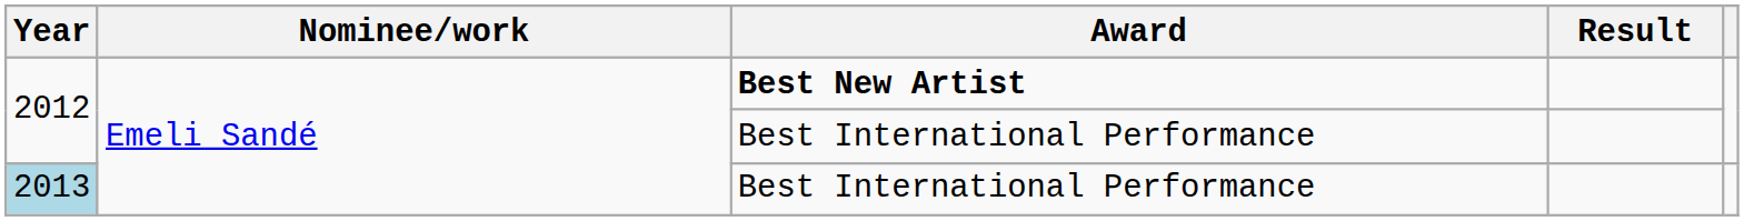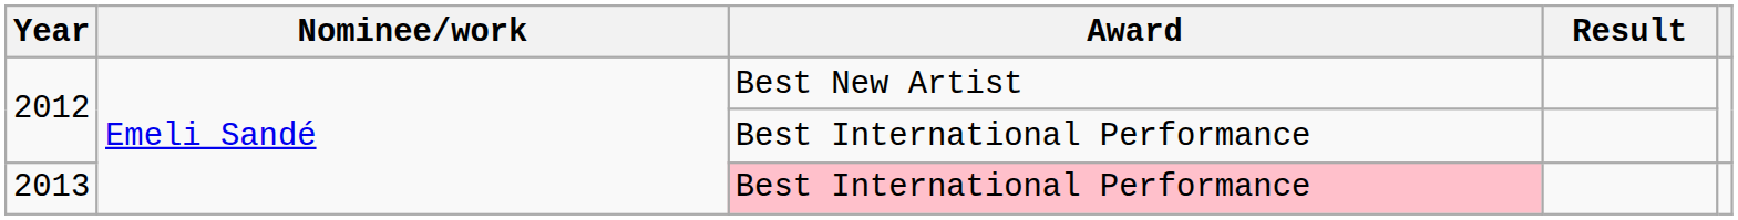 <table class="wikitable">
 <tr>
 <th>Year</th>
 <th width="250">Nominee/work</th>
 <th width="325">Award</th>
 <th width="65">Result</th>
 <th></th>
 </tr>
 <tr>
 <td rowspan="2">2012</td>
 <td rowspan="3"><a href='#'>Emeli Sandé</a></td>
-<td><strong>Best New Artist</strong></td>
+<td>Best New Artist</td>
 <td></td>
 <td rowspan="2" style="text-align:center;"></td>
 </tr>
 <tr>
 <td>Best International Performance</td>
 <td></td>
 </tr>
 <tr>
-<td style="background: lightblue;">2013</td>
-<td>Best International Performance</td>
+<td>2013</td>
+<td style="background: pink;">Best International Performance</td>
 <td></td>
 <td style="text-align:center;"></td>
 </tr>
 </table>
